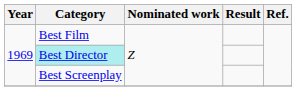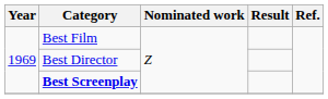 <table class="wikitable sortable">
 <tr>
 <th>Year</th>
 <th>Category</th>
 <th>Nominated work</th>
 <th>Result</th>
 <th>Ref.</th>
 </tr>
 <tr>
 <td rowspan="3"><a href='#'>1969</a></td>
 <td><a href='#'>Best Film</a></td>
 <td rowspan="3"><em>Z</em></td>
 <td></td>
 <td rowspan="3"></td>
 </tr>
 <tr>
-<td style="background: paleturquoise;"><a href='#'>Best Director</a></td>
+<td><a href='#'>Best Director</a></td>
 <td></td>
 </tr>
 <tr>
-<td><a href='#'>Best Screenplay</a></td>
+<td><strong><a href='#'>Best Screenplay</a></strong></td>
 <td></td>
 </tr>
 <tr>
 </tr>
 </table>
